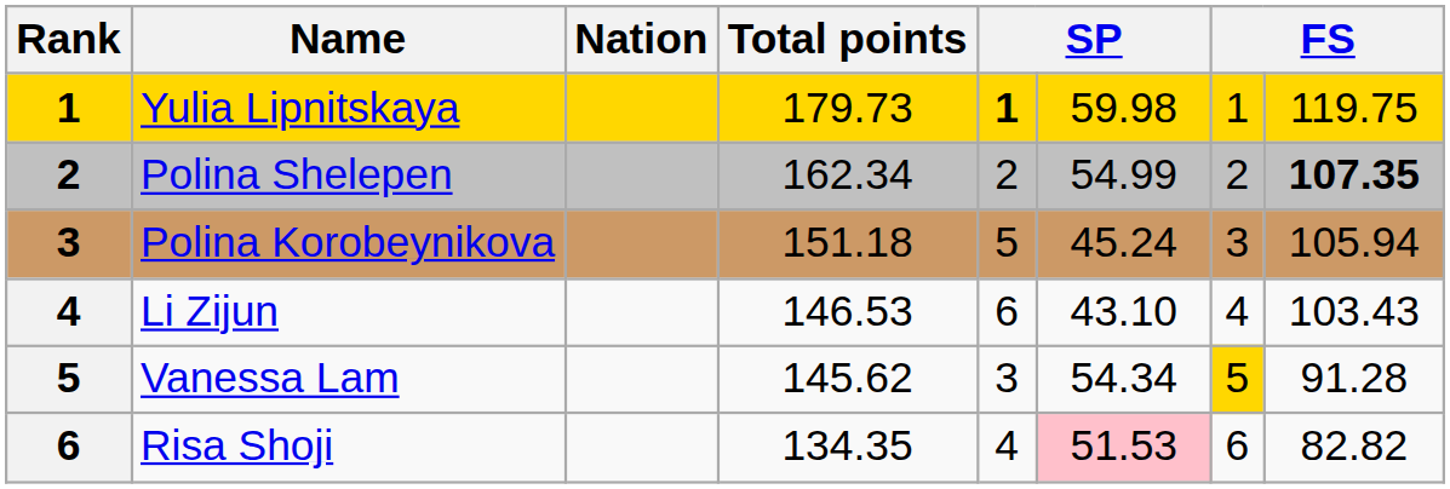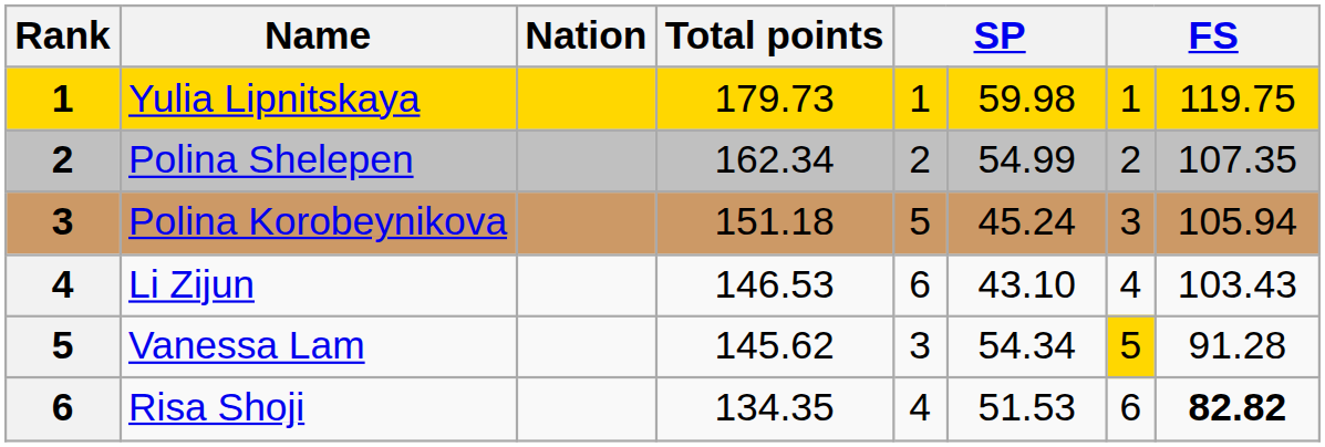 <table class="wikitable sortable">
 <tr>
 <th>Rank</th>
 <th>Name</th>
 <th>Nation</th>
 <th>Total points</th>
 <th colspan="2" width="80px"><a href='#'>SP</a></th>
 <th colspan="2" width="80px"><a href='#'>FS</a></th>
 </tr>
 <tr bgcolor="gold">
 <td align="center"><strong>1</strong></td>
 <td><a href='#'>Yulia Lipnitskaya</a></td>
 <td></td>
 <td align="center">179.73</td>
-<td align="center"><strong>1</strong></td>
+<td align="center">1</td>
 <td align="center">59.98</td>
 <td align="center">1</td>
 <td align="center">119.75</td>
 </tr>
 <tr bgcolor="silver">
 <td align="center"><strong>2</strong></td>
 <td><a href='#'>Polina Shelepen</a></td>
 <td></td>
 <td align="center">162.34</td>
 <td align="center">2</td>
 <td align="center">54.99</td>
 <td align="center">2</td>
-<td align="center"><strong>107.35</strong></td>
+<td align="center">107.35</td>
 </tr>
 <tr bgcolor="cc9966">
 <td align="center"><strong>3</strong></td>
 <td><a href='#'>Polina Korobeynikova</a></td>
 <td></td>
 <td align="center">151.18</td>
 <td align="center">5</td>
 <td align="center">45.24</td>
 <td align="center">3</td>
 <td align="center">105.94</td>
 </tr>
 <tr>
 <th>4</th>
 <td><a href='#'>Li Zijun</a></td>
 <td></td>
 <td align="center">146.53</td>
 <td align="center">6</td>
 <td align="center">43.10</td>
 <td align="center">4</td>
 <td align="center">103.43</td>
 </tr>
 <tr>
 <th>5</th>
 <td><a href='#'>Vanessa Lam</a></td>
 <td></td>
 <td align="center">145.62</td>
 <td align="center">3</td>
 <td align="center">54.34</td>
 <td align="center" style="background: gold;">5</td>
 <td align="center">91.28</td>
 </tr>
 <tr>
 <th>6</th>
 <td><a href='#'>Risa Shoji</a></td>
 <td></td>
 <td align="center">134.35</td>
 <td align="center">4</td>
-<td align="center" style="background: pink;">51.53</td>
+<td align="center">51.53</td>
 <td align="center">6</td>
-<td align="center">82.82</td>
+<td align="center"><strong>82.82</strong></td>
 </tr>
 </table>
